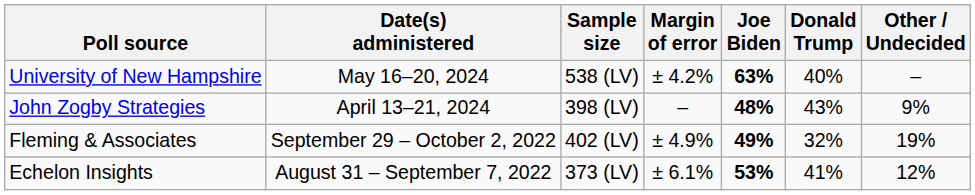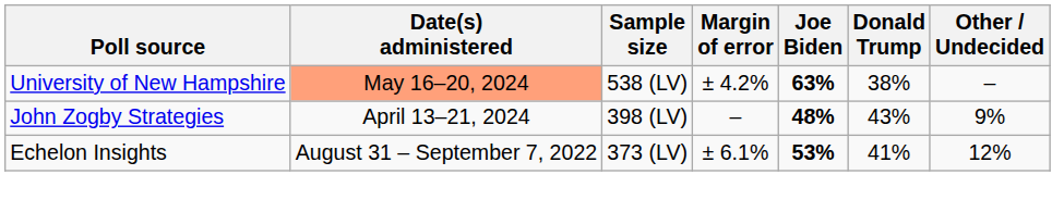 <table class="wikitable sortable mw-datatable" style="font-size:90%;text-align:center;line-height:17px">
 <tr valign=bottom>
 <th>Poll source</th>
 <th>Date(s)<br>administered</th>
 <th>Sample<br>size</th>
 <th>Margin<br>of error</th>
 <th class="unsortable">Joe<br>Biden<br></th>
 <th class="unsortable">Donald<br>Trump<br></th>
 <th class="unsortable">Other /<br>Undecided</th>
 </tr>
 <tr>
 <td style="text-align:left;"><a href='#'>University of New Hampshire</a></td>
-<td data-sort-value="2024-05-23">May 16–20, 2024</td>
+<td data-sort-value="2024-05-23" style="background: lightsalmon;">May 16–20, 2024</td>
 <td>538 (LV)</td>
 <td>± 4.2%</td>
 <td style="color:black;background-color:"><strong>63%</strong></td>
-<td>40%</td>
+<td>38%</td>
 <td>–</td>
 </tr>
 <tr>
 <td style="text-align:left;"><a href='#'>John Zogby Strategies</a></td>
 <td data-sort-value="2024-05-01">April 13–21, 2024</td>
 <td>398 (LV)</td>
 <td>–</td>
 <td style="color:black;background-color:"><strong>48%</strong></td>
 <td>43%</td>
 <td>9%</td>
 </tr>
 <tr>
-<td style="text-align:left;">Fleming & Associates</td>
-<td data-sort-value="2022-10-02">September 29 – October 2, 2022</td>
-<td>402 (LV)</td>
-<td>± 4.9%</td>
-<td style="color:black;background-color:"><strong>49%</strong></td>
-<td>32%</td>
-<td>19%</td>
-</tr>
-<tr>
 <td style="text-align:left;">Echelon Insights</td>
 <td data-sort-value="2022-09-07">August 31 – September 7, 2022</td>
 <td>373 (LV)</td>
 <td>± 6.1%</td>
 <td style="color:black;background-color:"><strong>53%</strong></td>
 <td>41%</td>
 <td>12%</td>
 </tr>
 </table>
